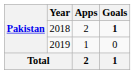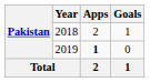 <table class="wikitable" style="text-align:center">
 <tr>
 <th rowspan="3"><a href='#'>Pakistan</a></th>
 <th>Year</th>
 <th>Apps</th>
 <th>Goals</th>
 </tr>
 <tr>
 <td>2018</td>
 <td>2</td>
-<td><strong>1</strong></td>
+<td>1</td>
 </tr>
 <tr>
 <td>2019</td>
-<td>1</td>
+<td><strong>1</strong></td>
 <td>0</td>
 </tr>
 <tr>
 <th colspan="2">Total</th>
 <th>2</th>
 <th>1</th>
 </tr>
 </table>
